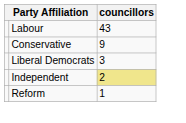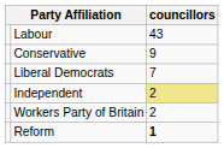 <table class="wikitable">
 <tr>
 <th colspan="2">Party Affiliation</th>
 <th>councillors</th>
 </tr>
 <tr>
 <td style="background-color: "></td>
 <td>Labour</td>
 <td>43</td>
 </tr>
 <tr>
 <td style="background-color: "></td>
 <td>Conservative</td>
 <td>9</td>
 </tr>
 <tr>
 <td style="background-color: "></td>
 <td>Liberal Democrats</td>
-<td>3</td>
+<td>7</td>
 </tr>
 <tr>
 <td style="background-color: "></td>
 <td>Independent</td>
 <td style="background: khaki;">2</td>
 </tr>
 <tr>
 <td></td>
+<td>Workers Party of Britain</td>
+<td>2</td>
+</tr>
+<tr>
+<td></td>
 <td>Reform</td>
-<td>1</td>
+<td><strong>1</strong></td>
 </tr>
 </table>
